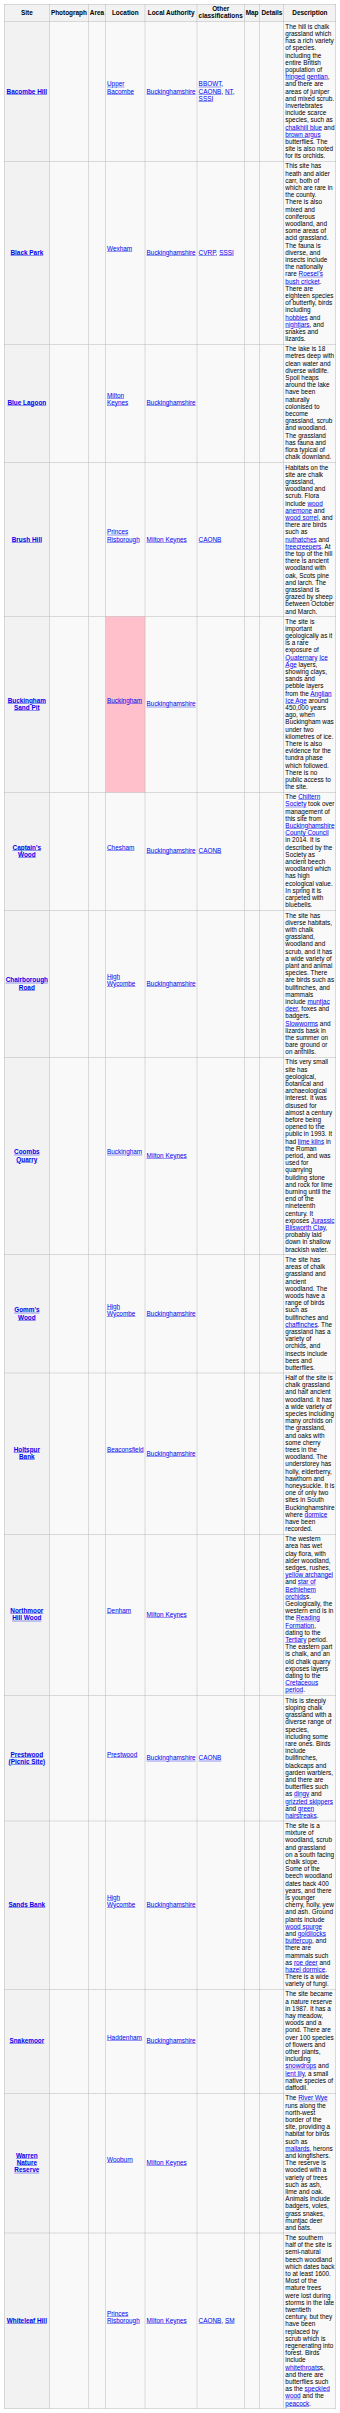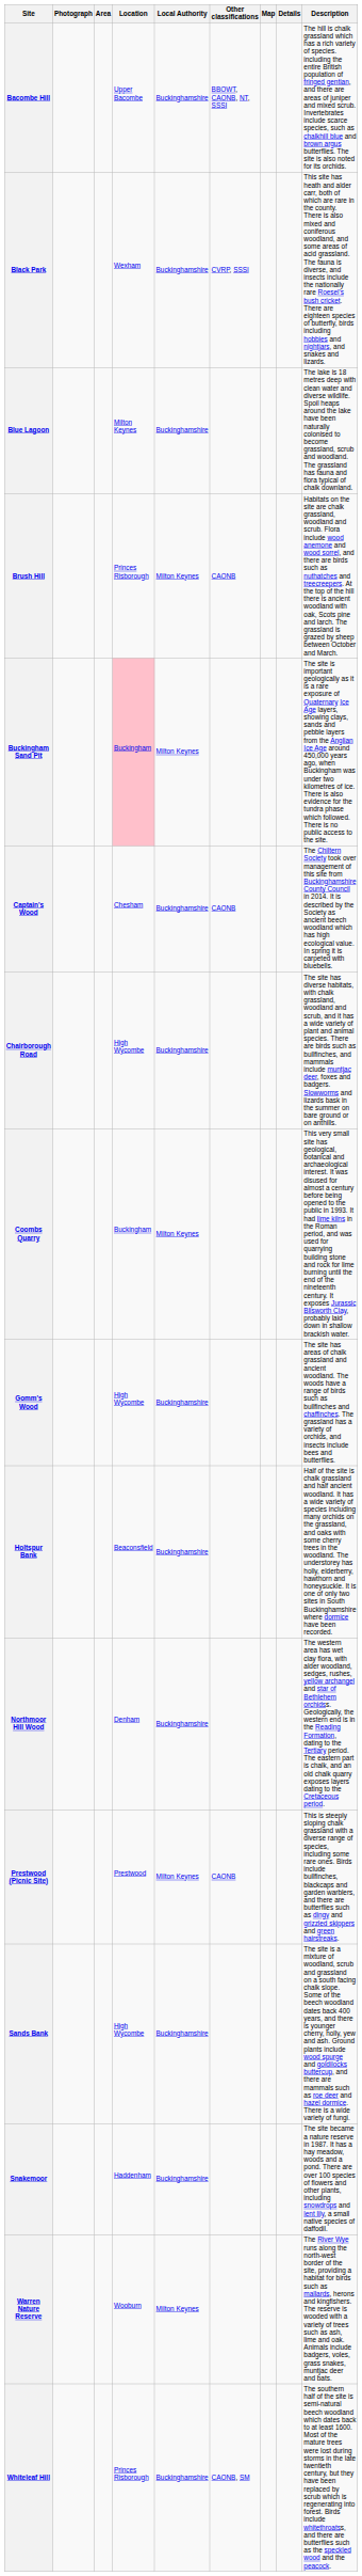 <table class="wikitable sortable plainrowheaders">
 <tr>
 <th scope="col">Site</th>
 <th scope="col" class="unsortable">Photograph</th>
 <th scope="col" data-sort-type="number">Area</th>
 <th scope="col">Location</th>
 <th scope="col">Local Authority</th>
 <th scope="col">Other classifications</th>
 <th scope="col" class="unsortable">Map</th>
 <th scope="col" class="unsortable">Details</th>
 <th scope="col" class="unsortable">Description</th>
 </tr>
 <tr>
 <th scope="row"><a href='#'>Bacombe Hill</a></th>
 <td></td>
 <td></td>
 <td><a href='#'>Upper Bacombe</a><br> <br> </td>
 <td><a href='#'>Buckinghamshire</a></td>
 <td><a href='#'>BBOWT</a>, <a href='#'>CAONB</a>, <a href='#'>NT</a>, <a href='#'>SSSI</a></td>
 <td></td>
 <td></td>
 <td>The hill is chalk grassland which has a rich variety of species. including the entire British population of <a href='#'>fringed gentian</a>, and there are areas of juniper and mixed scrub. Invertebrates include scarce species, such as <a href='#'>chalkhill blue</a> and <a href='#'>brown argus</a> butterflies. The site is also noted for its orchids.</td>
 </tr>
 <tr>
 <th scope="row"><a href='#'>Black Park</a></th>
 <td></td>
 <td></td>
 <td><a href='#'>Wexham</a><br> <br> </td>
 <td><a href='#'>Buckinghamshire</a></td>
 <td><a href='#'>CVRP</a>, <a href='#'>SSSI</a></td>
 <td></td>
 <td></td>
 <td>This site has heath and alder carr, both of which are rare in the county. There is also mixed and coniferous woodland, and some areas of acid grassland. The fauna is diverse, and insects include the nationally rare <a href='#'>Roesel's bush cricket</a>. There are eighteen species of butterfly, birds including <a href='#'>hobbies</a> and <a href='#'>nightjars</a>, and snakes and lizards.</td>
 </tr>
 <tr>
 <th scope="row"><a href='#'>Blue Lagoon</a></th>
 <td></td>
 <td></td>
 <td><a href='#'>Milton Keynes</a><br> <br> </td>
 <td><a href='#'>Buckinghamshire</a></td>
 <td></td>
 <td></td>
 <td></td>
 <td>The lake is 18 metres deep with clean water and diverse wildlife. Spoil heaps around the lake have been naturally colonised to become grassland, scrub and woodland. The grassland has fauna and flora typical of chalk downland.</td>
 </tr>
 <tr>
 <th scope="row"><a href='#'>Brush Hill</a></th>
 <td></td>
 <td></td>
 <td><a href='#'>Princes Risborough</a><br> <br> </td>
 <td><a href='#'>Milton Keynes</a></td>
 <td><a href='#'>CAONB</a></td>
 <td></td>
 <td></td>
 <td>Habitats on the site are chalk grassland, woodland and scrub. Flora include <a href='#'>wood anemone</a> and <a href='#'>wood sorrel</a>, and there are birds such as <a href='#'>nuthatches</a> and <a href='#'>treecreepers</a>. At the top of the hill there is ancient woodland with oak, Scots pine and larch. The grassland is grazed by sheep between October and March.</td>
 </tr>
 <tr>
 <th scope="row"><a href='#'>Buckingham Sand Pit</a></th>
 <td></td>
 <td></td>
 <td style="background: pink;"><a href='#'>Buckingham</a><br> <br> </td>
-<td><a href='#'>Buckinghamshire</a></td>
+<td><a href='#'>Milton Keynes</a></td>
 <td></td>
 <td></td>
 <td></td>
 <td>The site is important geologically as it is a rare exposure of <a href='#'>Quaternary</a> <a href='#'>Ice Age</a> layers, showing clays, sands and pebble layers from the <a href='#'>Anglian Ice Age</a> around 450,000 years ago, when Buckingham was under two kilometres of ice. There is also evidence for the tundra phase which followed. There is no public access to the site.</td>
 </tr>
 <tr>
 <th scope="row"><a href='#'>Captain's Wood</a></th>
 <td></td>
 <td></td>
 <td><a href='#'>Chesham</a><br> <br> </td>
 <td><a href='#'>Buckinghamshire</a></td>
 <td><a href='#'>CAONB</a></td>
 <td></td>
 <td></td>
 <td>The <a href='#'>Chiltern Society</a> took over management of this site from <a href='#'>Buckinghamshire County Council</a> in 2014. It is described by the Society as ancient beech woodland which has high ecological value. In spring it is carpeted with bluebells.</td>
 </tr>
 <tr>
 <th scope="row"><a href='#'>Chairborough Road</a></th>
 <td></td>
 <td></td>
 <td><a href='#'>High Wycombe</a><br> <br> </td>
 <td><a href='#'>Buckinghamshire</a></td>
 <td></td>
 <td></td>
 <td></td>
 <td>The site has diverse habitats, with chalk grassland, woodland and scrub, and it has a wide variety of plant and animal species. There are birds such as bullfinches, and mammals include <a href='#'>muntjac deer</a>, foxes and badgers. <a href='#'>Slowworms</a> and lizards bask in the summer on bare ground or on anthills.</td>
 </tr>
 <tr>
 <th scope="row"><a href='#'>Coombs Quarry</a></th>
 <td></td>
 <td></td>
 <td><a href='#'>Buckingham</a><br> <br> </td>
 <td><a href='#'>Milton Keynes</a></td>
 <td></td>
 <td></td>
 <td></td>
 <td>This very small site has geological, botanical and archaeological interest. It was disused for almost a century before being opened to the public in 1993. It had <a href='#'>lime kilns</a> in the Roman period, and was used for quarrying building stone and rock for lime burning until the end of the nineteenth century. It exposes <a href='#'>Jurassic</a> <a href='#'>Blisworth Clay</a>, probably laid down in shallow brackish water.</td>
 </tr>
 <tr>
 <th scope="row"><a href='#'>Gomm's Wood</a></th>
 <td></td>
 <td></td>
 <td><a href='#'>High Wycombe</a><br> <br> </td>
 <td><a href='#'>Buckinghamshire</a></td>
 <td></td>
 <td></td>
 <td></td>
 <td>The site has areas of chalk grassland and ancient woodland. The woods have a range of birds such as bullfinches and <a href='#'>chaffinches</a>. The grassland has a variety of orchids, and insects include bees and butterflies.</td>
 </tr>
 <tr>
 <th scope="row"><a href='#'>Holtspur Bank</a></th>
 <td></td>
 <td></td>
 <td><a href='#'>Beaconsfield</a><br> <br> </td>
 <td><a href='#'>Buckinghamshire</a></td>
 <td></td>
 <td></td>
 <td></td>
 <td>Half of the site is chalk grassland and half ancient woodland. It has a wide variety of species including many orchids on the grassland, and oaks with some cherry trees in the woodland. The understorey has holly, elderberry, hawthorn and honeysuckle. It is one of only two sites in South Buckinghamshire where <a href='#'>dormice</a> have been recorded.</td>
 </tr>
 <tr>
 <th scope="row"><a href='#'>Northmoor Hill Wood</a></th>
 <td></td>
 <td></td>
 <td><a href='#'>Denham</a><br> <br> </td>
-<td><a href='#'>Milton Keynes</a></td>
+<td><a href='#'>Buckinghamshire</a></td>
 <td></td>
 <td></td>
 <td></td>
 <td>The western area has wet clay flora, with alder woodland, sedges, rushes, <a href='#'>yellow archangel</a> and <a href='#'>star of Bethlehem orchids</a>s. Geologically, the western end is in the <a href='#'>Reading Formation</a>, dating to the <a href='#'>Tertiary</a> period. The eastern part is chalk, and an old chalk quarry exposes layers dating to the <a href='#'>Cretaceous</a> <a href='#'>period</a>.</td>
 </tr>
 <tr>
 <th scope="row"><a href='#'>Prestwood (Picnic Site)</a></th>
 <td></td>
 <td></td>
 <td><a href='#'>Prestwood</a><br> <br> </td>
-<td><a href='#'>Buckinghamshire</a></td>
+<td><a href='#'>Milton Keynes</a></td>
 <td><a href='#'>CAONB</a></td>
 <td></td>
 <td></td>
 <td>This is steeply sloping chalk grassland with a diverse range of species, including some rare ones. Birds include bullfinches, blackcaps and garden warblers, and there are butterflies such as <a href='#'>dingy</a> and <a href='#'>grizzled skippers</a> and <a href='#'>green hairstreaks</a>.</td>
 </tr>
 <tr>
 <th scope="row"><a href='#'>Sands Bank</a></th>
 <td></td>
 <td></td>
 <td><a href='#'>High Wycombe</a><br> <br> </td>
 <td><a href='#'>Buckinghamshire</a></td>
 <td></td>
 <td></td>
 <td></td>
 <td>The site is a mixture of woodland, scrub and grassland on a south facing chalk slope. Some of the beech woodland dates back 400 years, and there is younger cherry, holly, yew and ash. Ground plants include <a href='#'>wood spurge</a> and <a href='#'>goldilocks buttercup</a>, and there are mammals such as <a href='#'>roe deer</a> and <a href='#'>hazel dormice</a>. There is a wide variety of fungi.</td>
 </tr>
 <tr>
 <th scope="row"><a href='#'>Snakemoor</a></th>
 <td></td>
 <td></td>
 <td><a href='#'>Haddenham</a><br> <br> </td>
 <td><a href='#'>Buckinghamshire</a></td>
 <td></td>
 <td></td>
 <td></td>
 <td>The site became a nature reserve in 1987. It has a hay meadow, woods and a pond. There are over 100 species of flowers and other plants, including <a href='#'>snowdrops</a> and <a href='#'>lent lily</a>, a small native species of daffodil.</td>
 </tr>
 <tr>
 <th scope="row"><a href='#'>Warren Nature Reserve</a></th>
 <td></td>
 <td></td>
 <td><a href='#'>Wooburn</a><br> <br> </td>
 <td><a href='#'>Milton Keynes</a></td>
 <td></td>
 <td></td>
 <td></td>
 <td>The <a href='#'>River Wye</a> runs along the north-west border of the site, providing a habitat for birds such as <a href='#'>mallards</a>, herons and kingfishers. The reserve is wooded with a variety of trees such as ash, lime and oak. Animals include badgers, voles, grass snakes, muntjac deer and bats.</td>
 </tr>
 <tr>
 <th scope="row"><a href='#'>Whiteleaf Hill</a></th>
 <td></td>
 <td></td>
 <td><a href='#'>Princes Risborough</a><br> <br> </td>
-<td><a href='#'>Milton Keynes</a></td>
+<td><a href='#'>Buckinghamshire</a></td>
 <td><a href='#'>CAONB</a>, <a href='#'>SM</a></td>
 <td></td>
 <td></td>
 <td>The southern half of the site is semi-natural beech woodland which dates back to at least 1600. Most of the mature trees were lost during storms in the late twentieth century, but they have been replaced by scrub which is regenerating into forest. Birds include <a href='#'>whitethroats</a>s, and there are butterflies such as the <a href='#'>speckled wood</a> and the <a href='#'>peacock</a>.</td>
 </tr>
 </table>
